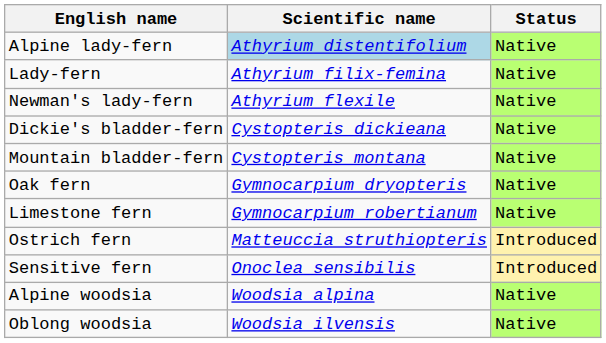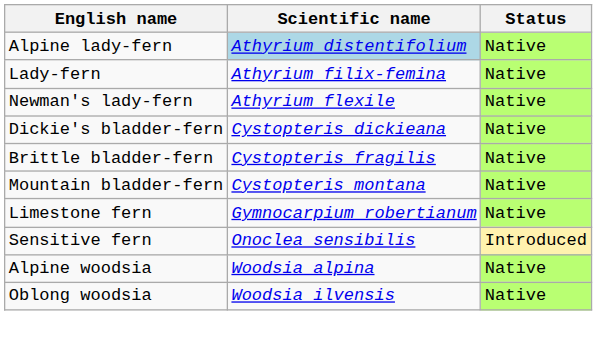 <table class="wikitable" |>
 <tr>
 <th>English name</th>
 <th>Scientific name</th>
 <th>Status</th>
 </tr>
 <tr>
 <td>Alpine lady-fern</td>
 <td style="background: lightblue;"><em><a href='#'>Athyrium distentifolium</a></em></td>
 <td style="background: #B9FF72; text-align: ">Native</td>
 </tr>
 <tr>
 <td>Lady-fern</td>
 <td><em><a href='#'>Athyrium filix-femina</a></em></td>
 <td style="background: #B9FF72; text-align: ">Native</td>
 </tr>
 <tr>
 <td>Newman's lady-fern</td>
 <td><em><a href='#'>Athyrium flexile</a></em></td>
 <td style="background: #B9FF72; text-align: ">Native</td>
 </tr>
 <tr>
 <td>Dickie's bladder-fern</td>
 <td><em><a href='#'>Cystopteris dickieana</a></em></td>
 <td style="background: #B9FF72; text-align: ">Native</td>
 </tr>
 <tr>
-<td>Mountain bladder-fern</td>
-<td><em><a href='#'>Cystopteris montana</a></em></td>
+<td>Brittle bladder-fern</td>
+<td><em><a href='#'>Cystopteris fragilis</a></em></td>
 <td style="background: #B9FF72; text-align: ">Native</td>
 </tr>
 <tr>
-<td>Oak fern</td>
-<td><em><a href='#'>Gymnocarpium dryopteris</a></em></td>
+<td>Mountain bladder-fern</td>
+<td><em><a href='#'>Cystopteris montana</a></em></td>
 <td style="background: #B9FF72; text-align: ">Native</td>
 </tr>
 <tr>
 <td>Limestone fern</td>
 <td><em><a href='#'>Gymnocarpium robertianum</a></em></td>
 <td style="background: #B9FF72; text-align: ">Native</td>
-</tr>
-<tr>
-<td>Ostrich fern</td>
-<td><em><a href='#'>Matteuccia struthiopteris</a></em></td>
-<td style="background: #FFF2AE; text-align: ">Introduced</td>
 </tr>
 <tr>
 <td>Sensitive fern</td>
 <td><em><a href='#'>Onoclea sensibilis</a></em></td>
 <td style="background: #FFF2AE; text-align: ">Introduced</td>
 </tr>
 <tr>
 <td>Alpine woodsia</td>
 <td><em><a href='#'>Woodsia alpina</a></em></td>
 <td style="background: #B9FF72; text-align: ">Native</td>
 </tr>
 <tr>
 <td>Oblong woodsia</td>
 <td><em><a href='#'>Woodsia ilvensis</a></em></td>
 <td style="background: #B9FF72; text-align: ">Native</td>
 </tr>
 </table>
